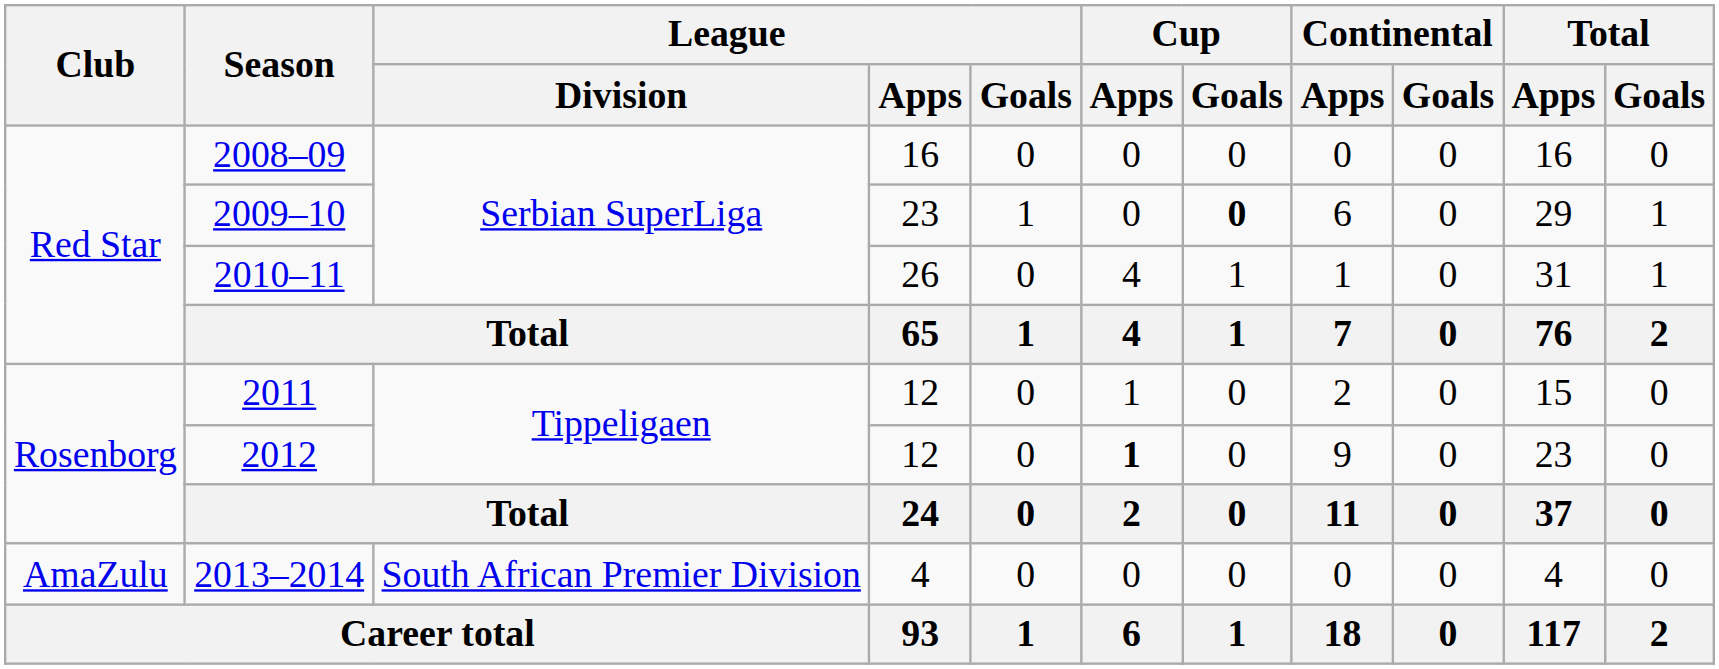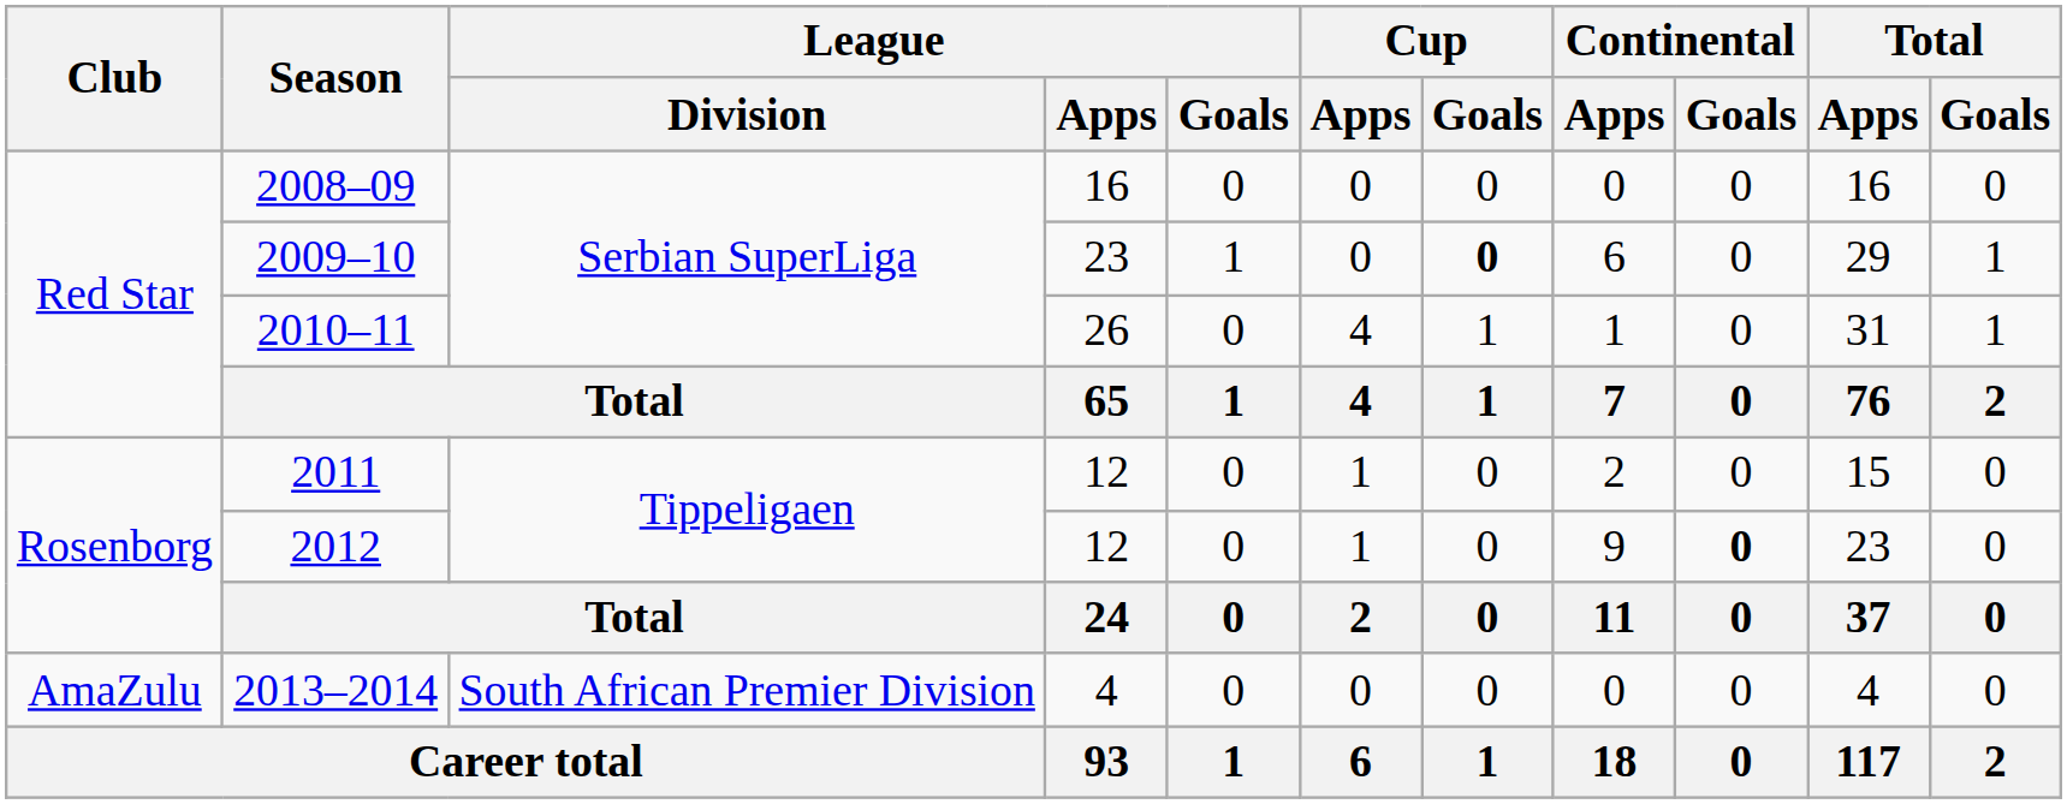 <table class="wikitable" style="text-align:center">
 <tr>
 <th rowspan="2">Club</th>
 <th rowspan="2">Season</th>
 <th colspan="3">League</th>
 <th colspan="2">Cup</th>
 <th colspan="2">Continental</th>
 <th colspan="2">Total</th>
 </tr>
 <tr>
 <th>Division</th>
 <th>Apps</th>
 <th>Goals</th>
 <th>Apps</th>
 <th>Goals</th>
 <th>Apps</th>
 <th>Goals</th>
 <th>Apps</th>
 <th>Goals</th>
 </tr>
 <tr>
 <td rowspan="4"><a href='#'>Red Star</a></td>
 <td><a href='#'>2008–09</a></td>
 <td rowspan="3"><a href='#'>Serbian SuperLiga</a></td>
 <td>16</td>
 <td>0</td>
 <td>0</td>
 <td>0</td>
 <td>0</td>
 <td>0</td>
 <td>16</td>
 <td>0</td>
 </tr>
 <tr>
 <td><a href='#'>2009–10</a></td>
 <td>23</td>
 <td>1</td>
 <td>0</td>
 <td><strong>0</strong></td>
 <td>6</td>
 <td>0</td>
 <td>29</td>
 <td>1</td>
 </tr>
 <tr>
 <td><a href='#'>2010–11</a></td>
 <td>26</td>
 <td>0</td>
 <td>4</td>
 <td>1</td>
 <td>1</td>
 <td>0</td>
 <td>31</td>
 <td>1</td>
 </tr>
 <tr>
 <th colspan="2">Total</th>
 <th>65</th>
 <th>1</th>
 <th>4</th>
 <th>1</th>
 <th>7</th>
 <th>0</th>
 <th>76</th>
 <th>2</th>
 </tr>
 <tr>
 <td rowspan="3"><a href='#'>Rosenborg</a></td>
 <td><a href='#'>2011</a></td>
 <td rowspan="2"><a href='#'>Tippeligaen</a></td>
 <td>12</td>
 <td>0</td>
 <td>1</td>
 <td>0</td>
 <td>2</td>
 <td>0</td>
 <td>15</td>
 <td>0</td>
 </tr>
 <tr>
 <td><a href='#'>2012</a></td>
 <td>12</td>
 <td>0</td>
-<td><strong>1</strong></td>
+<td>1</td>
 <td>0</td>
 <td>9</td>
-<td>0</td>
+<td><strong>0</strong></td>
 <td>23</td>
 <td>0</td>
 </tr>
 <tr>
 <th colspan="2">Total</th>
 <th>24</th>
 <th>0</th>
 <th>2</th>
 <th>0</th>
 <th>11</th>
 <th>0</th>
 <th>37</th>
 <th>0</th>
 </tr>
 <tr>
 <td><a href='#'>AmaZulu</a></td>
 <td><a href='#'>2013–2014</a></td>
 <td><a href='#'>South African Premier Division</a></td>
 <td>4</td>
 <td>0</td>
 <td>0</td>
 <td>0</td>
 <td>0</td>
 <td>0</td>
 <td>4</td>
 <td>0</td>
 </tr>
 <tr>
 <th colspan="3">Career total</th>
 <th>93</th>
 <th>1</th>
 <th>6</th>
 <th>1</th>
 <th>18</th>
 <th>0</th>
 <th>117</th>
 <th>2</th>
 </tr>
 </table>
